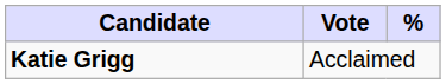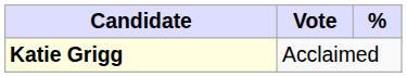 <table class="wikitable">
 <tr>
 <th style="background:#ddf; width:200px;">Candidate</th>
 <th style="background:#ddf; width:50px;">Vote</th>
 <th style="background:#ddf; width:30px;">%</th>
 </tr>
 <tr>
-<td><strong>Katie Grigg</strong></td>
+<td style="background: lightyellow;"><strong>Katie Grigg</strong></td>
 <td colspan="2">Acclaimed</td>
 </tr>
 </table>
